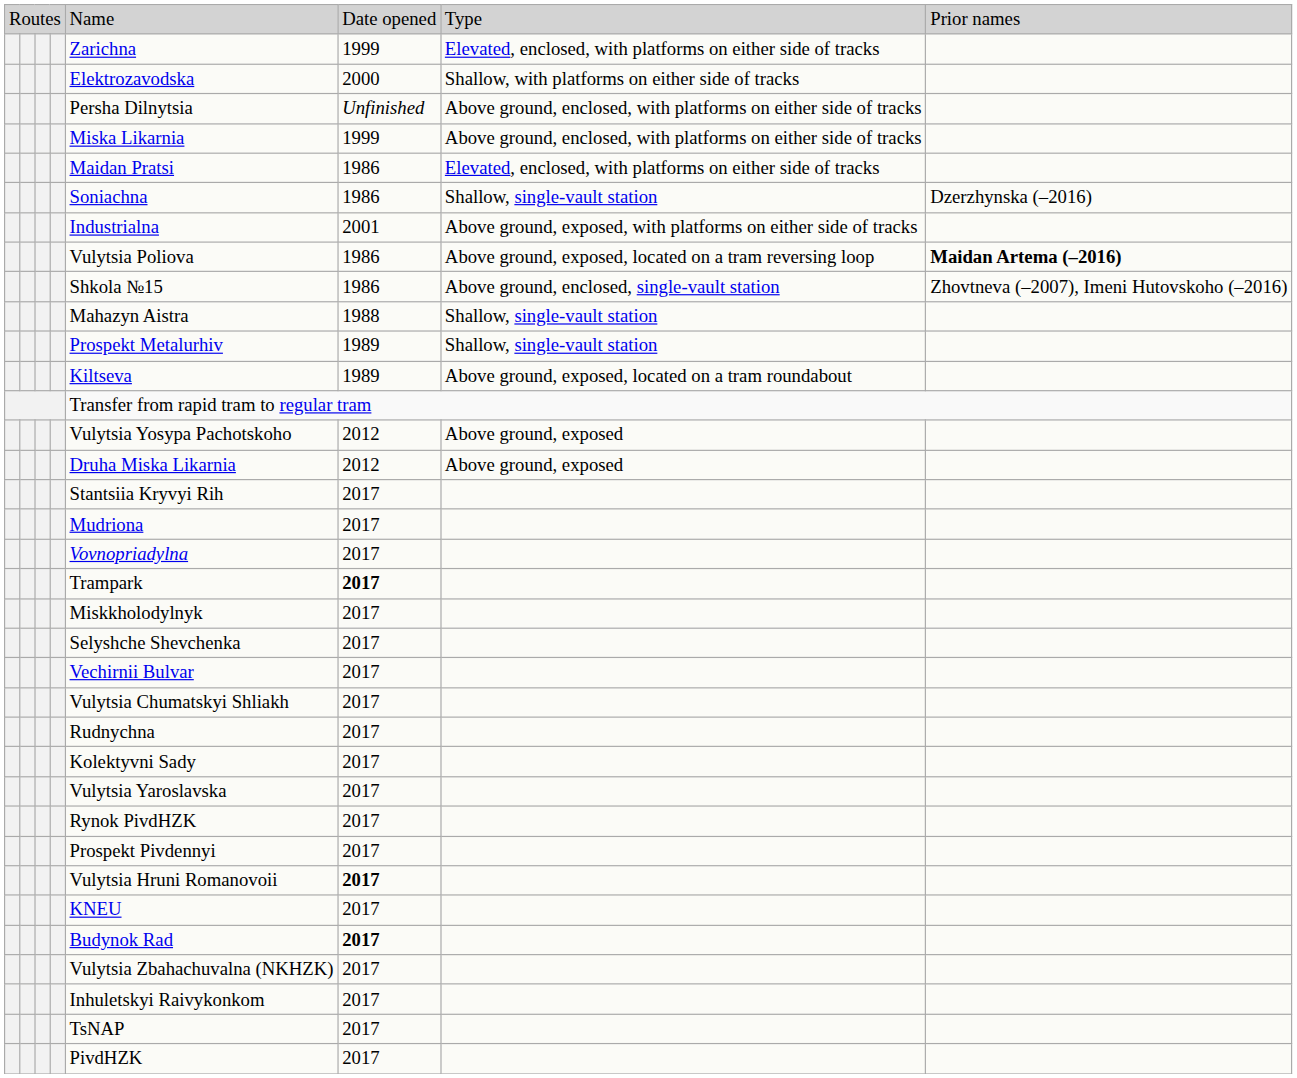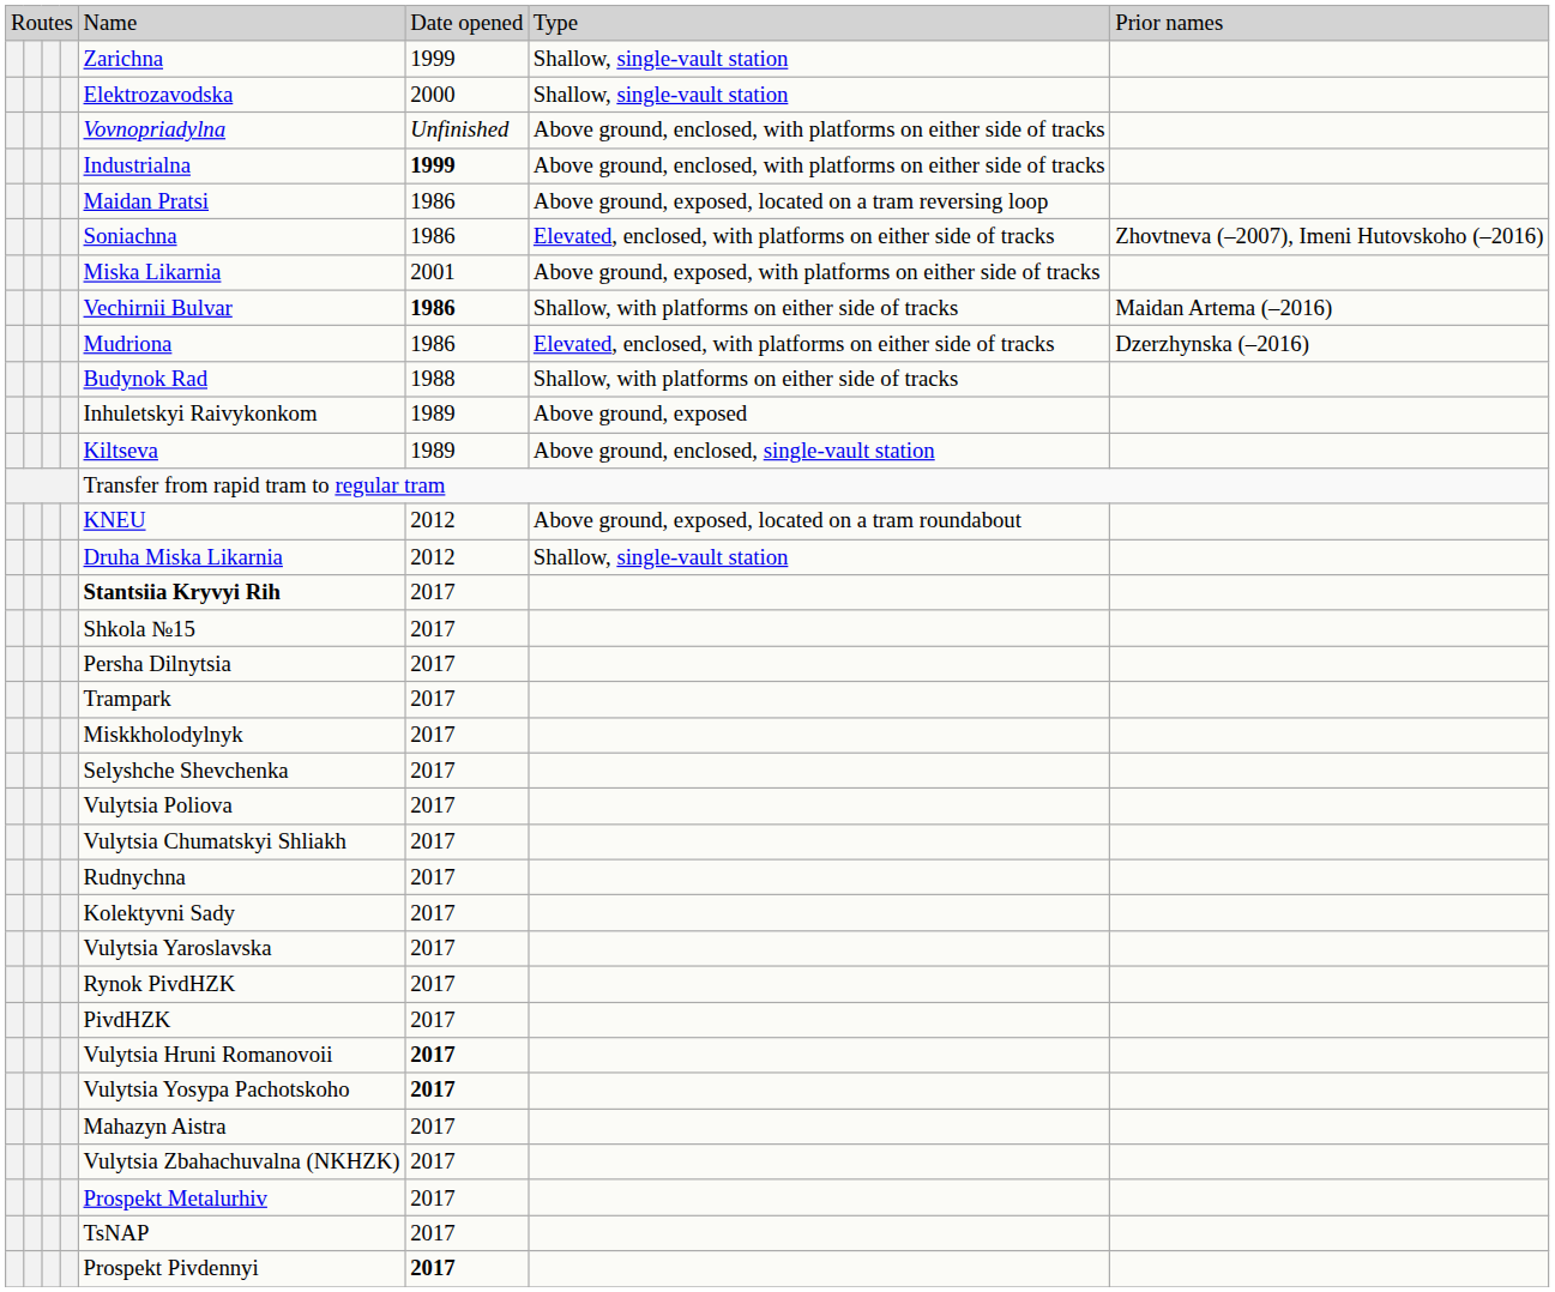 <table class="wikitable">
 <tr bgcolor=#D3D3D3>
 <td colspan="4">Routes</td>
 <td>Name</td>
 <td>Date opened</td>
 <td>Type</td>
 <td>Prior names</td>
 </tr>
 <tr bgcolor=#FBFBF7>
 <th></th>
 <th><a href='#'></a></th>
 <th><a href='#'></a></th>
 <th><a href='#'></a></th>
 <td><a href='#'>Zarichna</a></td>
 <td>1999</td>
-<td><a href='#'>Elevated</a>, enclosed, with platforms on either side of tracks</td>
+<td>Shallow, <a href='#'>single-vault station</a></td>
 <td></td>
 </tr>
 <tr bgcolor=#FBFBF7>
 <th></th>
 <th><a href='#'></a></th>
 <th><a href='#'></a></th>
 <th><a href='#'></a></th>
 <td><a href='#'>Elektrozavodska</a></td>
 <td>2000</td>
-<td>Shallow, with platforms on either side of tracks</td>
+<td>Shallow, <a href='#'>single-vault station</a></td>
 <td></td>
 </tr>
 <tr bgcolor=#FBFBF7>
 <th></th>
 <th><a href='#'></a></th>
 <th><a href='#'></a></th>
 <th><a href='#'></a></th>
-<td>Persha Dilnytsia</td>
+<td><em><a href='#'>Vovnopriadylna</a></em></td>
 <td><em>Unfinished</em></td>
 <td>Above ground, enclosed, with platforms on either side of tracks</td>
 <td></td>
 </tr>
 <tr bgcolor=#FBFBF7>
 <th></th>
 <th><a href='#'></a></th>
 <th><a href='#'></a></th>
 <th><a href='#'></a></th>
-<td><a href='#'>Miska Likarnia</a></td>
-<td>1999</td>
+<td><a href='#'>Industrialna</a></td>
+<td><strong>1999</strong></td>
 <td>Above ground, enclosed, with platforms on either side of tracks</td>
 <td></td>
 </tr>
 <tr bgcolor=#FBFBF7>
 <th><a href='#'></a></th>
 <th></th>
 <th></th>
 <th></th>
 <td><a href='#'>Maidan Pratsi</a></td>
 <td>1986</td>
-<td><a href='#'>Elevated</a>, enclosed, with platforms on either side of tracks</td>
+<td>Above ground, exposed, located on a tram reversing loop</td>
 <td></td>
 </tr>
 <tr bgcolor=#FBFBF7>
 <th><a href='#'></a></th>
 <th><a href='#'></a></th>
 <th><a href='#'></a></th>
 <th><a href='#'></a></th>
 <td><a href='#'>Soniachna</a></td>
 <td>1986</td>
-<td>Shallow, <a href='#'>single-vault station</a></td>
-<td>Dzerzhynska (–2016)</td>
+<td><a href='#'>Elevated</a>, enclosed, with platforms on either side of tracks</td>
+<td>Zhovtneva (–2007), Imeni Hutovskoho (–2016)</td>
 </tr>
 <tr bgcolor=#FBFBF7>
 <th><a href='#'></a></th>
 <th><a href='#'></a></th>
 <th><a href='#'></a></th>
 <th><a href='#'></a></th>
-<td><a href='#'>Industrialna</a></td>
+<td><a href='#'>Miska Likarnia</a></td>
 <td>2001</td>
 <td>Above ground, exposed, with platforms on either side of tracks</td>
 <td></td>
 </tr>
 <tr bgcolor=#FBFBF7>
 <th><a href='#'></a></th>
 <th><a href='#'></a></th>
 <th><a href='#'></a></th>
 <th><a href='#'></a></th>
-<td>Vulytsia Poliova</td>
-<td>1986</td>
-<td>Above ground, exposed, located on a tram reversing loop</td>
-<td><strong>Maidan Artema (–2016)</strong></td>
+<td><a href='#'>Vechirnii Bulvar</a></td>
+<td><strong>1986</strong></td>
+<td>Shallow, with platforms on either side of tracks</td>
+<td>Maidan Artema (–2016)</td>
 </tr>
 <tr bgcolor=#FBFBF7>
 <th><a href='#'></a></th>
 <th><a href='#'></a></th>
 <th><a href='#'></a></th>
 <th><a href='#'></a></th>
-<td>Shkola №15</td>
+<td><a href='#'>Mudriona</a></td>
 <td>1986</td>
-<td>Above ground, enclosed, <a href='#'>single-vault station</a></td>
-<td>Zhovtneva (–2007), Imeni Hutovskoho (–2016)</td>
+<td><a href='#'>Elevated</a>, enclosed, with platforms on either side of tracks</td>
+<td>Dzerzhynska (–2016)</td>
 </tr>
 <tr bgcolor=#FBFBF7>
 <th><a href='#'></a></th>
 <th><a href='#'></a></th>
 <th><a href='#'></a></th>
 <th><a href='#'></a></th>
-<td>Mahazyn Aistra</td>
+<td><a href='#'>Budynok Rad</a></td>
 <td>1988</td>
-<td>Shallow, <a href='#'>single-vault station</a></td>
+<td>Shallow, with platforms on either side of tracks</td>
 <td></td>
 </tr>
 <tr bgcolor=#FBFBF7>
 <th><a href='#'></a></th>
 <th><a href='#'></a></th>
 <th><a href='#'></a></th>
 <th><a href='#'></a></th>
-<td><a href='#'>Prospekt Metalurhiv</a></td>
+<td>Inhuletskyi Raivykonkom</td>
 <td>1989</td>
-<td>Shallow, <a href='#'>single-vault station</a></td>
+<td>Above ground, exposed</td>
 <td></td>
 </tr>
 <tr bgcolor=#FBFBF7>
 <th><a href='#'></a></th>
 <th><a href='#'></a></th>
 <th></th>
 <th></th>
 <td><a href='#'>Kiltseva</a></td>
 <td>1989</td>
-<td>Above ground, exposed, located on a tram roundabout</td>
+<td>Above ground, enclosed, <a href='#'>single-vault station</a></td>
 <td></td>
 </tr>
 <tr>
 <th colspan="4"></th>
 <td colspan="4">Transfer from rapid tram to <a href='#'>regular tram</a></td>
 </tr>
 <tr bgcolor="#FBFBF7">
 <th></th>
 <th></th>
 <th><a href='#'></a></th>
 <th><a href='#'></a></th>
-<td>Vulytsia Yosypa Pachotskoho</td>
+<td><a href='#'>KNEU</a></td>
 <td>2012</td>
-<td>Above ground, exposed</td>
+<td>Above ground, exposed, located on a tram roundabout</td>
 <td></td>
 </tr>
 <tr bgcolor="#FBFBF7">
 <th></th>
 <th></th>
 <th><a href='#'></a></th>
 <th><a href='#'></a></th>
 <td><a href='#'>Druha Miska Likarnia</a></td>
 <td>2012</td>
-<td>Above ground, exposed</td>
+<td>Shallow, <a href='#'>single-vault station</a></td>
 <td></td>
 </tr>
 <tr bgcolor="#FBFBF7">
 <th></th>
 <th></th>
 <th><a href='#'></a></th>
 <th><a href='#'></a></th>
-<td>Stantsiia Kryvyi Rih</td>
+<td><strong>Stantsiia Kryvyi Rih</strong></td>
 <td>2017</td>
 <td></td>
 <td></td>
 </tr>
 <tr bgcolor="#FBFBF7">
 <th></th>
 <th></th>
 <th><a href='#'></a></th>
 <th><a href='#'></a></th>
-<td><a href='#'>Mudriona</a></td>
+<td>Shkola №15</td>
 <td>2017</td>
 <td></td>
 <td></td>
 </tr>
 <tr bgcolor="#FBFBF7">
 <th></th>
 <th></th>
 <th><a href='#'></a></th>
 <th><a href='#'></a></th>
-<td><em><a href='#'>Vovnopriadylna</a></em></td>
+<td>Persha Dilnytsia</td>
 <td>2017</td>
 <td></td>
 <td></td>
 </tr>
 <tr bgcolor="#FBFBF7">
 <th></th>
 <th></th>
 <th><a href='#'></a></th>
 <th><a href='#'></a></th>
 <td>Trampark</td>
-<td><strong>2017</strong></td>
+<td>2017</td>
 <td></td>
 <td></td>
 </tr>
 <tr bgcolor="#FBFBF7">
 <th></th>
 <th></th>
 <th><a href='#'></a></th>
 <th><a href='#'></a></th>
 <td>Miskkholodylnyk</td>
 <td>2017</td>
 <td></td>
 <td></td>
 </tr>
 <tr bgcolor="#FBFBF7">
 <th></th>
 <th></th>
 <th><a href='#'></a></th>
 <th><a href='#'></a></th>
 <td>Selyshche Shevchenka</td>
 <td>2017</td>
 <td></td>
 <td></td>
 </tr>
 <tr bgcolor="#FBFBF7">
 <th></th>
 <th></th>
 <th><a href='#'></a></th>
 <th><a href='#'></a></th>
-<td><a href='#'>Vechirnii Bulvar</a></td>
+<td>Vulytsia Poliova</td>
 <td>2017</td>
 <td></td>
 <td></td>
 </tr>
 <tr bgcolor="#FBFBF7">
 <th></th>
 <th></th>
 <th><a href='#'></a></th>
 <th><a href='#'></a></th>
 <td>Vulytsia Chumatskyi Shliakh</td>
 <td>2017</td>
 <td></td>
 <td></td>
 </tr>
 <tr bgcolor="#FBFBF7">
 <th></th>
 <th></th>
 <th><a href='#'></a></th>
 <th><a href='#'></a></th>
 <td>Rudnychna</td>
 <td>2017</td>
 <td></td>
 <td></td>
 </tr>
 <tr bgcolor="#FBFBF7">
 <th></th>
 <th></th>
 <th><a href='#'></a></th>
 <th><a href='#'></a></th>
 <td>Kolektyvni Sady</td>
 <td>2017</td>
 <td></td>
 <td></td>
 </tr>
 <tr bgcolor="#FBFBF7">
 <th></th>
 <th></th>
 <th><a href='#'></a></th>
 <th><a href='#'></a></th>
 <td>Vulytsia Yaroslavska</td>
 <td>2017</td>
 <td></td>
 <td></td>
 </tr>
 <tr bgcolor="#FBFBF7">
 <th></th>
 <th></th>
 <th><a href='#'></a></th>
 <th><a href='#'></a></th>
 <td>Rynok PivdHZK</td>
 <td>2017</td>
 <td></td>
 <td></td>
 </tr>
 <tr bgcolor="#FBFBF7">
 <th></th>
 <th></th>
 <th><a href='#'></a></th>
 <th><a href='#'></a></th>
-<td>Prospekt Pivdennyi</td>
+<td>PivdHZK</td>
 <td>2017</td>
 <td></td>
 <td></td>
 </tr>
 <tr bgcolor=#FBFBF7>
 <th></th>
 <th></th>
 <th><a href='#'></a></th>
 <th></th>
 <td>Vulytsia Hruni Romanovoii</td>
 <td><strong>2017</strong></td>
 <td></td>
 <td></td>
 </tr>
 <tr bgcolor=#FBFBF7>
 <th></th>
 <th></th>
 <th><a href='#'></a></th>
 <th></th>
-<td><a href='#'>KNEU</a></td>
-<td>2017</td>
+<td>Vulytsia Yosypa Pachotskoho</td>
+<td><strong>2017</strong></td>
 <td></td>
 <td></td>
 </tr>
 <tr bgcolor=#FBFBF7>
 <th></th>
 <th></th>
 <th><a href='#'></a></th>
 <th></th>
-<td><a href='#'>Budynok Rad</a></td>
-<td><strong>2017</strong></td>
+<td>Mahazyn Aistra</td>
+<td>2017</td>
 <td></td>
 <td></td>
 </tr>
 <tr bgcolor=#FBFBF7>
 <th></th>
 <th></th>
 <th><a href='#'></a></th>
 <th></th>
 <td>Vulytsia Zbahachuvalna (NKHZK)</td>
 <td>2017</td>
 <td></td>
 <td></td>
 </tr>
 <tr bgcolor=#FBFBF7>
 <th></th>
 <th></th>
 <th></th>
 <th><a href='#'></a></th>
-<td>Inhuletskyi Raivykonkom</td>
+<td><a href='#'>Prospekt Metalurhiv</a></td>
 <td>2017</td>
 <td></td>
 <td></td>
 </tr>
 <tr bgcolor=#FBFBF7>
 <th></th>
 <th></th>
 <th></th>
 <th><a href='#'></a></th>
 <td>TsNAP</td>
 <td>2017</td>
 <td></td>
 <td></td>
 </tr>
 <tr bgcolor=#FBFBF7>
 <th></th>
 <th></th>
 <th></th>
 <th><a href='#'></a></th>
-<td>PivdHZK</td>
-<td>2017</td>
+<td>Prospekt Pivdennyi</td>
+<td><strong>2017</strong></td>
 <td></td>
 <td></td>
 </tr>
 </table>
